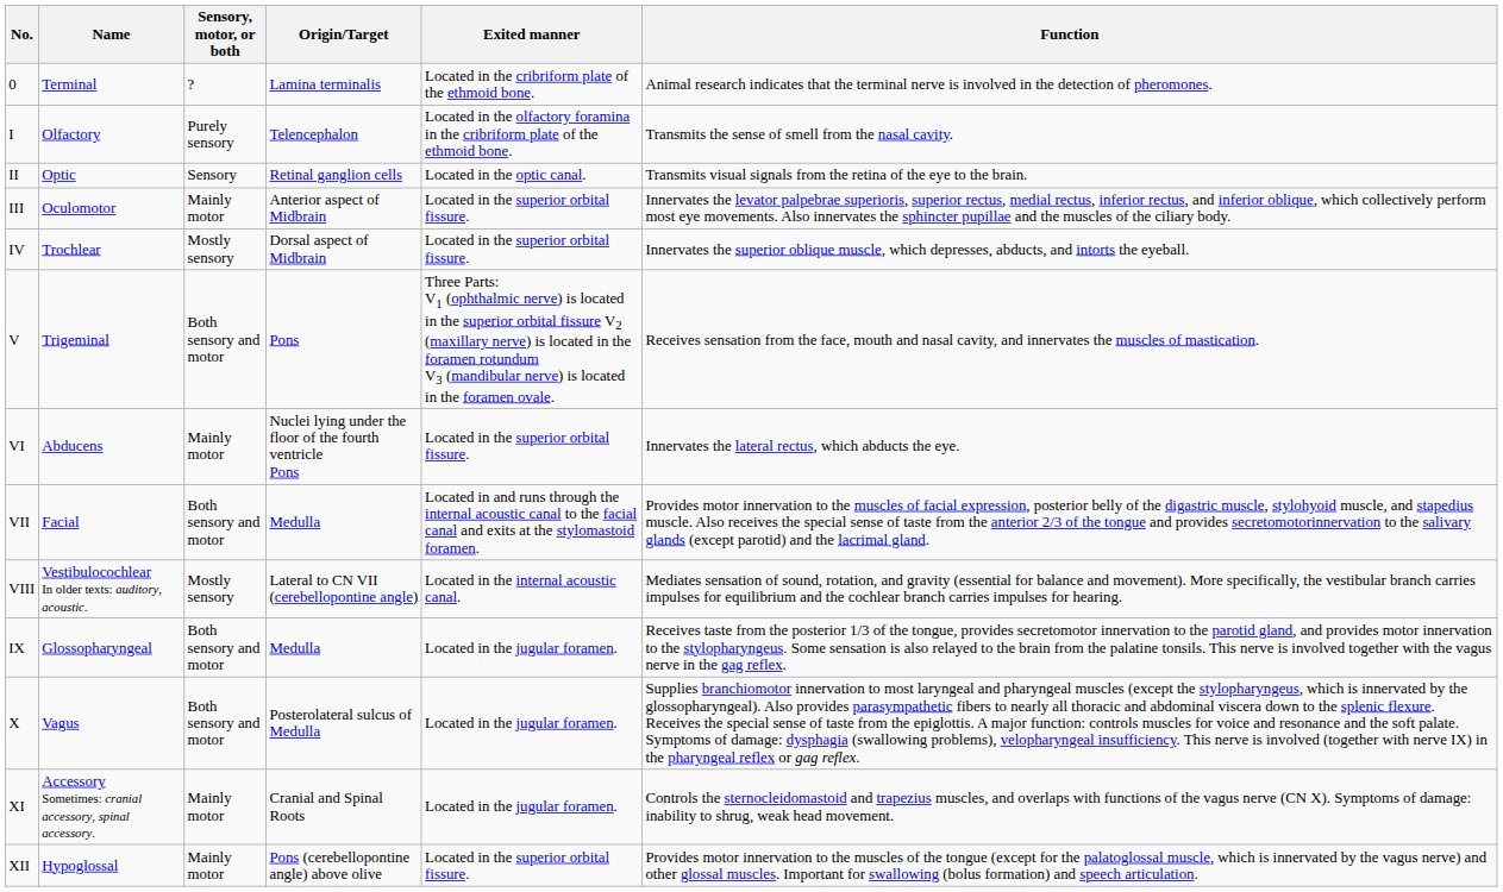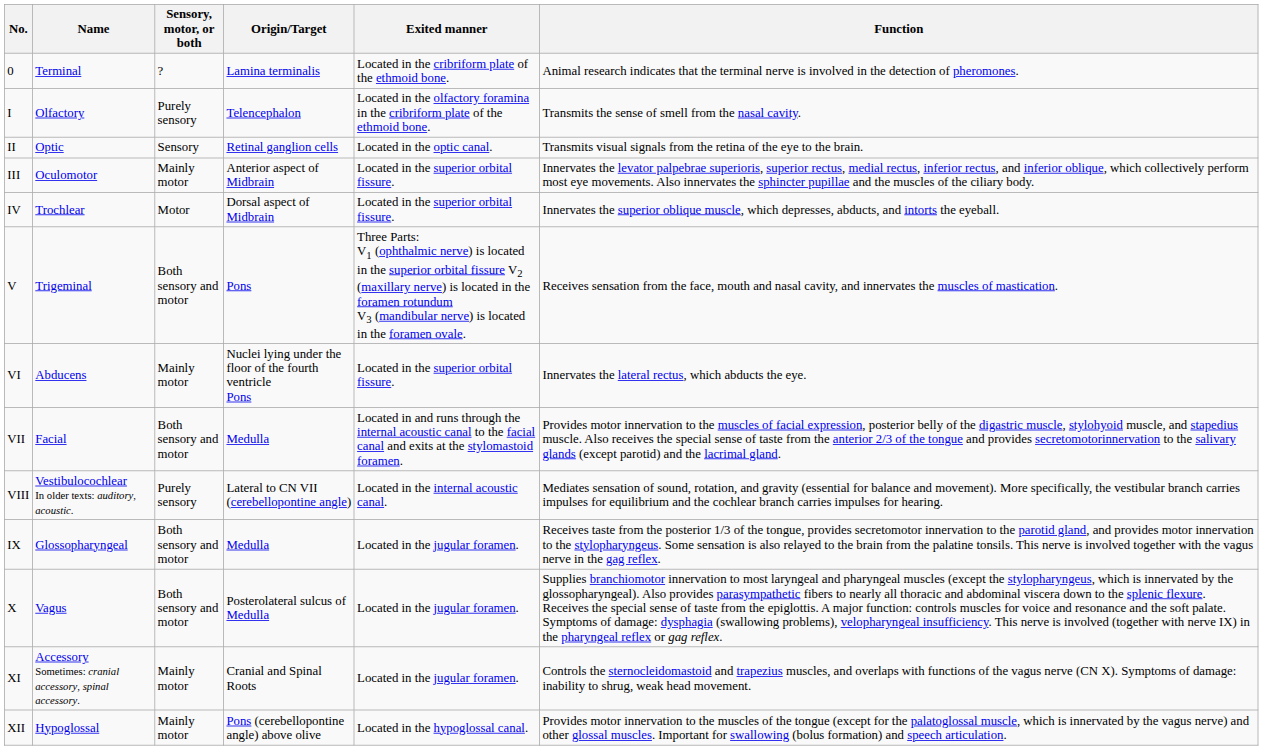 <table class="wikitable">
 <tr>
 <th>No.</th>
 <th>Name</th>
 <th>Sensory, motor, or both</th>
 <th>Origin/Target</th>
 <th>Exited manner</th>
 <th>Function</th>
 </tr>
 <tr>
 <td>0</td>
 <td><a href='#'>Terminal</a></td>
 <td>?</td>
 <td><a href='#'>Lamina terminalis</a></td>
 <td>Located in the <a href='#'>cribriform plate</a> of the <a href='#'>ethmoid bone</a>.</td>
 <td>Animal research indicates that the terminal nerve is involved in the detection of <a href='#'>pheromones</a>.</td>
 </tr>
 <tr>
 <td>I</td>
 <td><a href='#'>Olfactory</a></td>
 <td>Purely sensory</td>
 <td><a href='#'>Telencephalon</a></td>
 <td>Located in the <a href='#'>olfactory foramina</a> in the <a href='#'>cribriform plate</a> of the <a href='#'>ethmoid bone</a>.</td>
 <td>Transmits the sense of smell from the <a href='#'>nasal cavity</a>.</td>
 </tr>
 <tr>
 <td>II</td>
 <td><a href='#'>Optic</a></td>
 <td>Sensory</td>
 <td><a href='#'>Retinal ganglion cells</a></td>
 <td>Located in the <a href='#'>optic canal</a>.</td>
 <td>Transmits visual signals from the retina of the eye to the brain.</td>
 </tr>
 <tr>
 <td>III</td>
 <td><a href='#'>Oculomotor</a></td>
 <td>Mainly motor</td>
 <td>Anterior aspect of <a href='#'>Midbrain</a></td>
 <td>Located in the <a href='#'>superior orbital fissure</a>.</td>
 <td>Innervates the <a href='#'>levator palpebrae superioris</a>, <a href='#'>superior rectus</a>, <a href='#'>medial rectus</a>, <a href='#'>inferior rectus</a>, and <a href='#'>inferior oblique</a>, which collectively perform most eye movements. Also innervates the <a href='#'>sphincter pupillae</a> and the muscles of the ciliary body.</td>
 </tr>
 <tr>
 <td>IV</td>
 <td><a href='#'>Trochlear</a></td>
-<td>Mostly sensory</td>
+<td>Motor</td>
 <td>Dorsal aspect of <a href='#'>Midbrain</a></td>
 <td>Located in the <a href='#'>superior orbital fissure</a>.</td>
 <td>Innervates the <a href='#'>superior oblique muscle</a>, which depresses, abducts, and <a href='#'>intorts</a>  the eyeball.</td>
 </tr>
 <tr>
 <td>V</td>
 <td><a href='#'>Trigeminal</a></td>
 <td>Both sensory and motor</td>
 <td><a href='#'>Pons</a></td>
 <td>Three Parts:<br>V<sub>1</sub> (<a href='#'>ophthalmic nerve</a>) is located in the <a href='#'>superior orbital fissure</a> V<sub>2</sub> (<a href='#'>maxillary nerve</a>) is located in the <a href='#'>foramen rotundum</a><br>V<sub>3</sub> (<a href='#'>mandibular nerve</a>) is located in the <a href='#'>foramen ovale</a>.</td>
 <td>Receives sensation from the face, mouth and nasal cavity, and innervates the <a href='#'>muscles of mastication</a>.</td>
 </tr>
 <tr>
 <td>VI</td>
 <td><a href='#'>Abducens</a></td>
 <td>Mainly motor</td>
 <td>Nuclei lying under the floor of the fourth ventricle<br><a href='#'>Pons</a></td>
 <td>Located in the <a href='#'>superior orbital fissure</a>.</td>
 <td>Innervates the <a href='#'>lateral rectus</a>, which abducts the eye.</td>
 </tr>
 <tr>
 <td>VII</td>
 <td><a href='#'>Facial</a></td>
 <td>Both sensory and motor</td>
 <td><a href='#'>Medulla</a></td>
 <td>Located in and runs through the <a href='#'>internal acoustic canal</a> to the <a href='#'>facial canal</a> and exits at the <a href='#'>stylomastoid foramen</a>.</td>
 <td>Provides motor innervation to the <a href='#'>muscles of facial expression</a>, posterior belly of the <a href='#'>digastric muscle</a>, <a href='#'>stylohyoid</a> muscle, and <a href='#'>stapedius</a> muscle. Also receives the special sense of taste from the <a href='#'>anterior 2/3 of the tongue</a> and provides <a href='#'>secretomotorinnervation</a> to the <a href='#'>salivary glands</a> (except parotid) and the <a href='#'>lacrimal gland</a>.</td>
 </tr>
 <tr>
 <td>VIII</td>
 <td><a href='#'>Vestibulocochlear</a><br><small>In older texts: <em>auditory</em>, <em>acoustic</em>.</small></td>
-<td>Mostly sensory</td>
+<td>Purely sensory</td>
 <td>Lateral to CN VII (<a href='#'>cerebellopontine angle</a>)</td>
 <td>Located in the <a href='#'>internal acoustic canal</a>.</td>
 <td>Mediates sensation of sound, rotation, and gravity (essential for balance and movement). More specifically, the vestibular branch carries impulses for equilibrium and the cochlear branch carries impulses for hearing.</td>
 </tr>
 <tr>
 <td>IX</td>
 <td><a href='#'>Glossopharyngeal</a></td>
 <td>Both sensory and motor</td>
 <td><a href='#'>Medulla</a></td>
 <td>Located in the <a href='#'>jugular foramen</a>.</td>
 <td>Receives taste from the posterior 1/3 of the tongue, provides secretomotor innervation to the <a href='#'>parotid gland</a>, and provides motor innervation to the <a href='#'>stylopharyngeus</a>. Some sensation is also relayed to the brain from the palatine tonsils. This nerve is involved together with the vagus nerve in the <a href='#'>gag reflex</a>.</td>
 </tr>
 <tr>
 <td>X</td>
 <td><a href='#'>Vagus</a></td>
 <td>Both sensory and motor</td>
 <td>Posterolateral sulcus of <a href='#'>Medulla</a></td>
 <td>Located in the <a href='#'>jugular foramen</a>.</td>
 <td>Supplies <a href='#'>branchiomotor</a> innervation to most laryngeal and pharyngeal muscles (except the <a href='#'>stylopharyngeus</a>, which is innervated by the glossopharyngeal). Also provides <a href='#'>parasympathetic</a> fibers to nearly all thoracic and abdominal viscera down to the <a href='#'>splenic flexure</a>. Receives the special sense of taste from the epiglottis. A major function: controls muscles for voice and resonance and the soft palate. Symptoms of damage: <a href='#'>dysphagia</a> (swallowing problems), <a href='#'>velopharyngeal insufficiency</a>. This nerve is involved (together with nerve IX) in the <a href='#'>pharyngeal reflex</a> or <em>gag reflex</em>.</td>
 </tr>
 <tr>
 <td>XI</td>
 <td><a href='#'>Accessory</a><br><small>Sometimes: <em>cranial accessory</em>, <em>spinal accessory</em>.</small></td>
 <td>Mainly motor</td>
 <td>Cranial and Spinal Roots</td>
 <td>Located in the <a href='#'>jugular foramen</a>.</td>
 <td>Controls the <a href='#'>sternocleidomastoid</a> and <a href='#'>trapezius</a> muscles, and overlaps with functions of the vagus nerve (CN X). Symptoms of damage: inability to shrug, weak head movement.</td>
 </tr>
 <tr>
 <td>XII</td>
 <td><a href='#'>Hypoglossal</a></td>
 <td>Mainly motor</td>
 <td><a href='#'>Pons</a> (cerebellopontine angle) above olive</td>
-<td>Located in the <a href='#'>superior orbital fissure</a>.</td>
+<td>Located in the <a href='#'>hypoglossal canal</a>.</td>
 <td>Provides motor innervation to the muscles of the tongue (except for the <a href='#'>palatoglossal muscle</a>, which is innervated by the vagus nerve) and other <a href='#'>glossal muscles</a>. Important for <a href='#'>swallowing</a> (bolus formation) and <a href='#'>speech articulation</a>.</td>
 </tr>
 </table>
